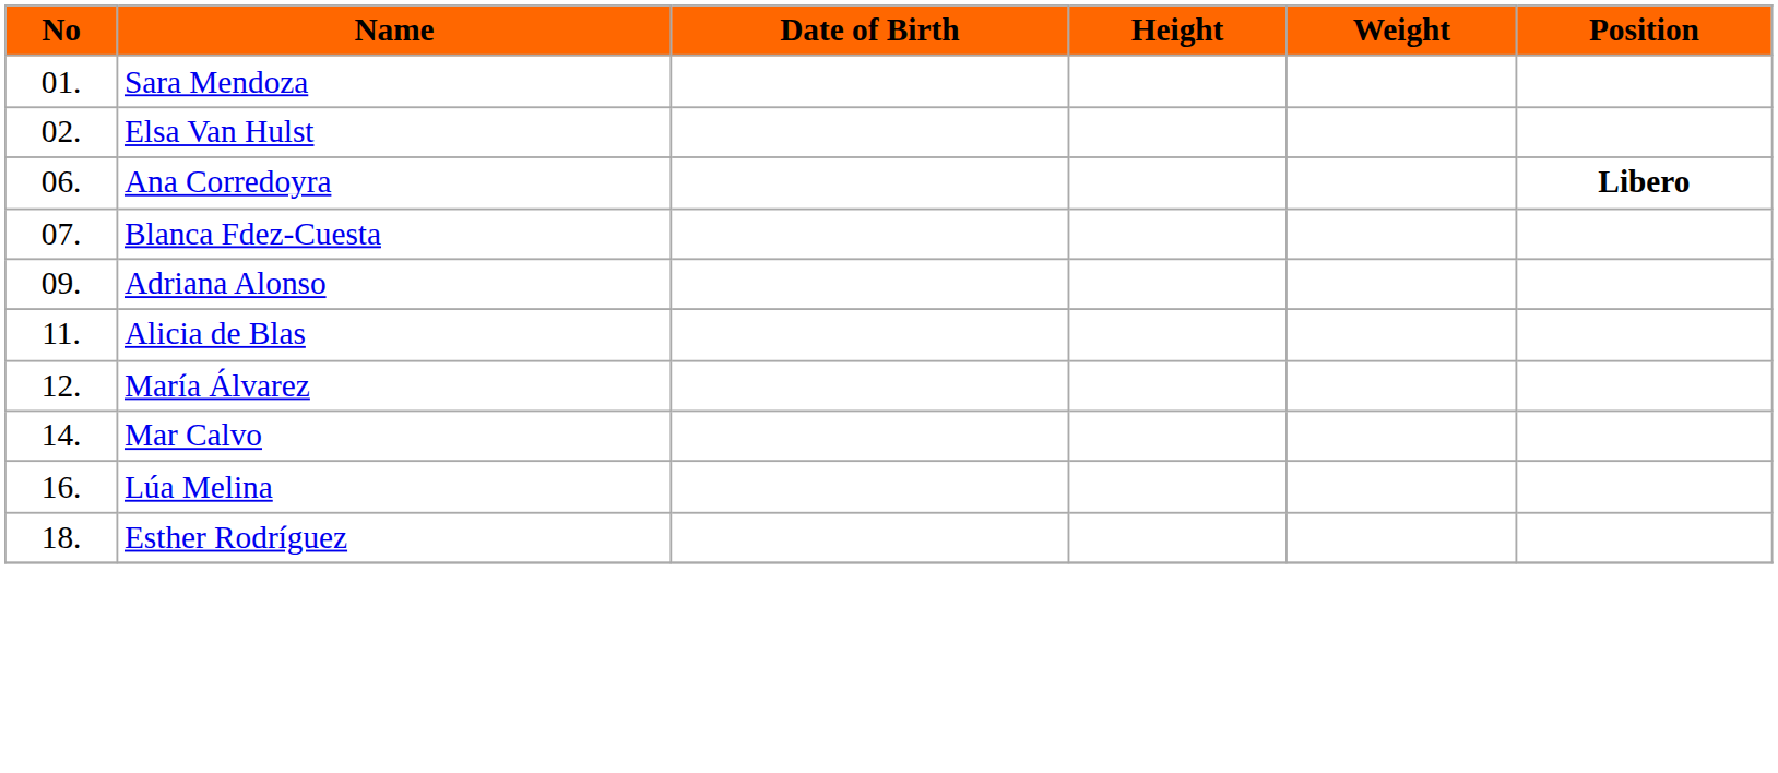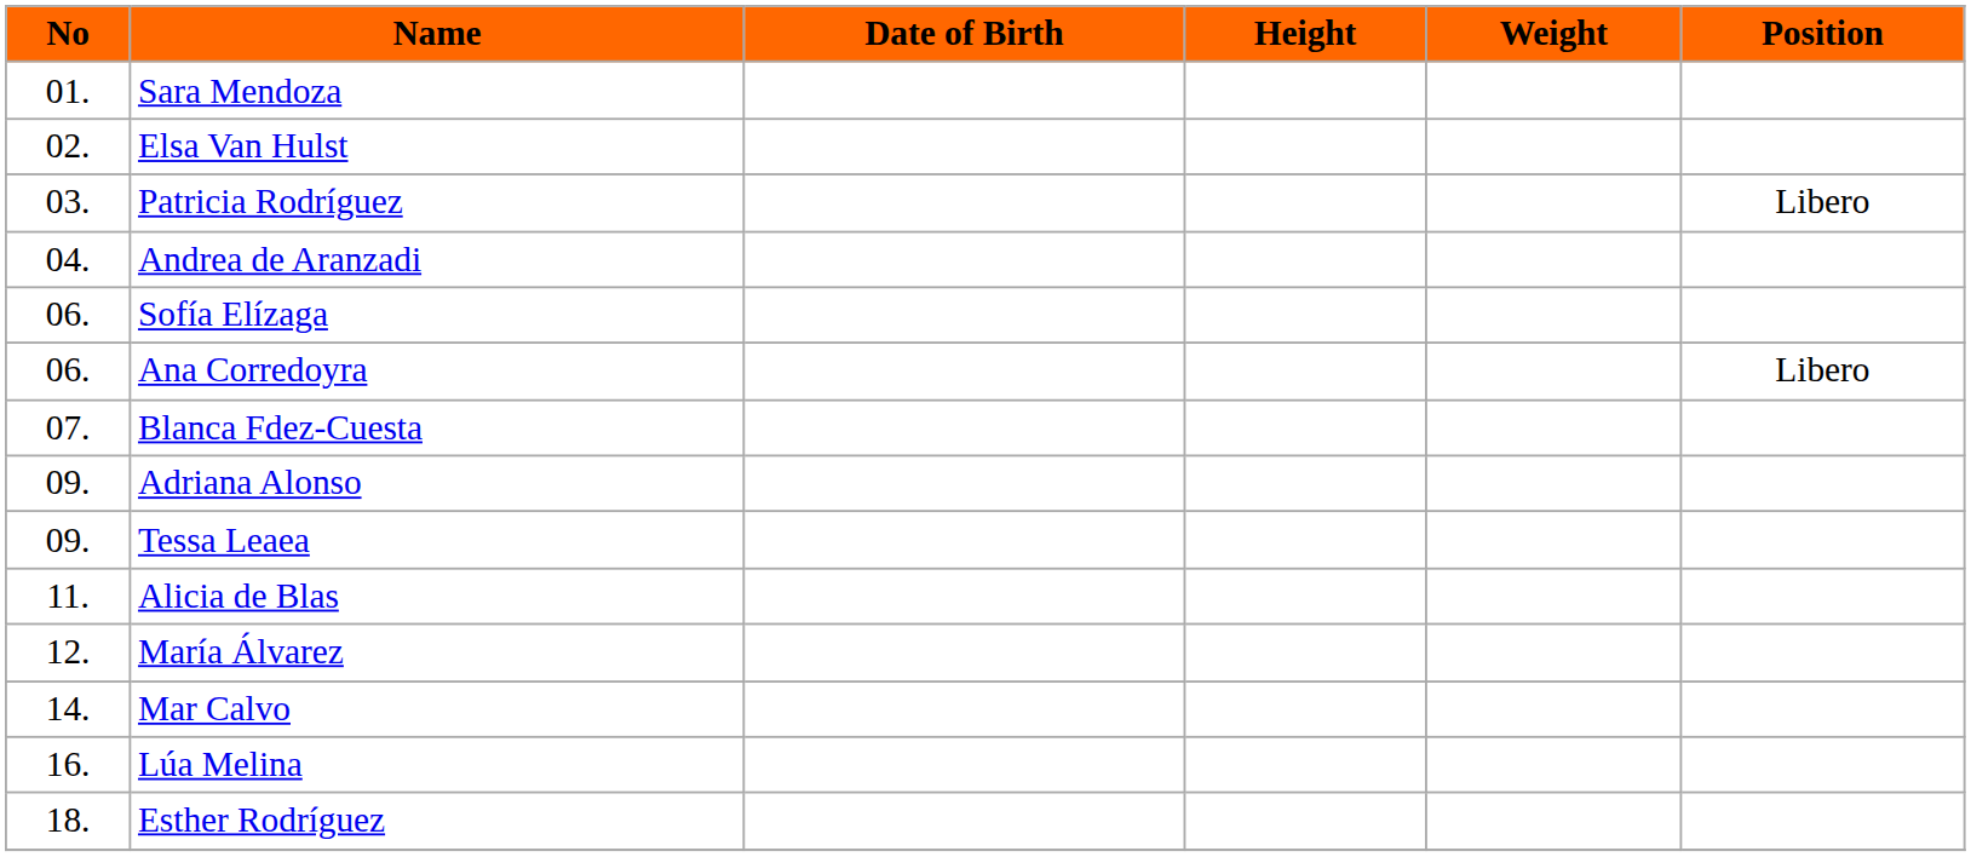 <table class="wikitable sortable" style="width:70%;">
 <tr>
 <th style=" %; background:#FF6700">No</th>
 <th style=" %; background:#FF6700">Name</th>
 <th style=" %; background:#FF6700">Date of Birth</th>
 <th style=" %; background:#FF6700">Height</th>
 <th style=" %; background:#FF6700">Weight</th>
 <th style=" %; background:#FF6700">Position</th>
 </tr>
 <tr style="background:#ffffff">
 <td align="center">01.</td>
 <td> <a href='#'>Sara Mendoza</a></td>
 <td align="center"></td>
 <td align="center"></td>
 <td align="center"></td>
 <td align="center"></td>
 </tr>
 <tr style="background:#ffffff">
 <td align="center">02.</td>
 <td> <a href='#'>Elsa Van Hulst</a></td>
 <td align="center"></td>
 <td align="center"></td>
 <td align="center"></td>
 <td align="center"></td>
 </tr>
 <tr style="background:#ffffff">
+<td align="center">03.</td>
+<td> <a href='#'>Patricia Rodríguez</a></td>
+<td align="center"></td>
+<td align="center"></td>
+<td align="center"></td>
+<td align="center">Libero</td>
+</tr>
+<tr style="background:#ffffff">
+<td align="center">04.</td>
+<td> <a href='#'>Andrea de Aranzadi</a></td>
+<td align="center"></td>
+<td align="center"></td>
+<td align="center"></td>
+<td align="center"></td>
+</tr>
+<tr style="background:#ffffff">
+<td align="center">06.</td>
+<td> <a href='#'>Sofía Elízaga</a></td>
+<td align="center"></td>
+<td align="center"></td>
+<td align="center"></td>
+<td align="center"></td>
+</tr>
+<tr style="background:#ffffff">
 <td align="center">06.</td>
 <td> <a href='#'>Ana Corredoyra</a></td>
 <td align="center"></td>
 <td align="center"></td>
 <td align="center"></td>
-<td align="center"><strong>Libero</strong></td>
+<td align="center">Libero</td>
 </tr>
 <tr style="background:#ffffff">
 <td align="center">07.</td>
 <td> <a href='#'>Blanca Fdez-Cuesta</a></td>
 <td align="center"></td>
 <td align="center"></td>
 <td align="center"></td>
 <td align="center"></td>
 </tr>
 <tr style="background:#ffffff">
 <td align="center">09.</td>
 <td> <a href='#'>Adriana Alonso</a></td>
+<td align="center"></td>
+<td align="center"></td>
+<td align="center"></td>
+<td align="center"></td>
+</tr>
+<tr style="background:#ffffff">
+<td align="center">09.</td>
+<td> <a href='#'>Tessa Leaea</a></td>
 <td align="center"></td>
 <td align="center"></td>
 <td align="center"></td>
 <td align="center"></td>
 </tr>
 <tr style="background:#ffffff">
 <td align="center">11.</td>
 <td> <a href='#'>Alicia de Blas</a></td>
 <td align="center"></td>
 <td align="center"></td>
 <td align="center"></td>
 <td align="center"></td>
 </tr>
 <tr style="background:#ffffff">
 <td align="center">12.</td>
 <td> <a href='#'>María Álvarez</a></td>
 <td align="center"></td>
 <td align="center"></td>
 <td align="center"></td>
 <td align="center"></td>
 </tr>
 <tr style="background:#ffffff">
 <td align="center">14.</td>
 <td> <a href='#'>Mar Calvo</a></td>
 <td align="center"></td>
 <td align="center"></td>
 <td align="center"></td>
 <td align="center"></td>
 </tr>
 <tr style="background:#ffffff">
 <td align="center">16.</td>
 <td> <a href='#'>Lúa Melina</a></td>
 <td align="center"></td>
 <td align="center"></td>
 <td align="center"></td>
 <td align="center"></td>
 </tr>
 <tr style="background:#ffffff">
 <td align="center">18.</td>
 <td> <a href='#'>Esther Rodríguez</a></td>
 <td align="center"></td>
 <td align="center"></td>
 <td align="center"></td>
 <td align="center"></td>
 </tr>
 <tr>
 </tr>
 </table>
